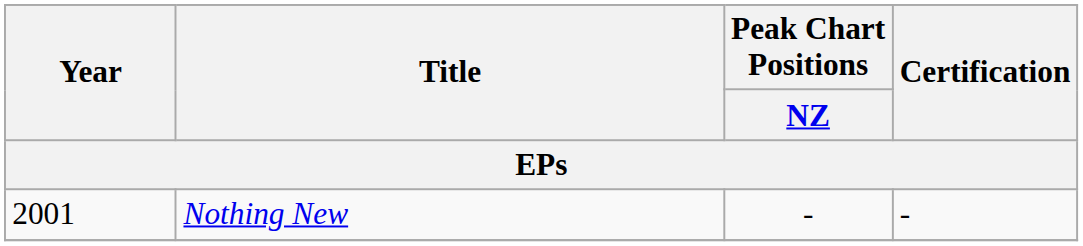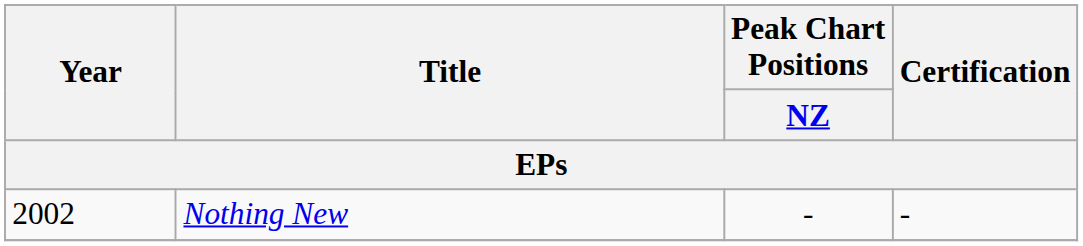 <table class="wikitable">
 <tr>
 <th scope="col" rowspan="2" style="width:5em;">Year</th>
 <th scope="col" rowspan="2" style="width:17em;">Title</th>
 <th>Peak Chart<br>Positions</th>
 <th rowspan="2">Certification</th>
 </tr>
 <tr>
 <th><a href='#'>NZ</a></th>
 </tr>
 <tr>
 <th colspan="6">EPs</th>
 </tr>
 <tr>
-<td>2001</td>
+<td>2002</td>
 <td><em><a href='#'>Nothing New</a></em></td>
 <td align="center">-</td>
 <td>-</td>
 </tr>
 <tr>
 </tr>
 </table>
